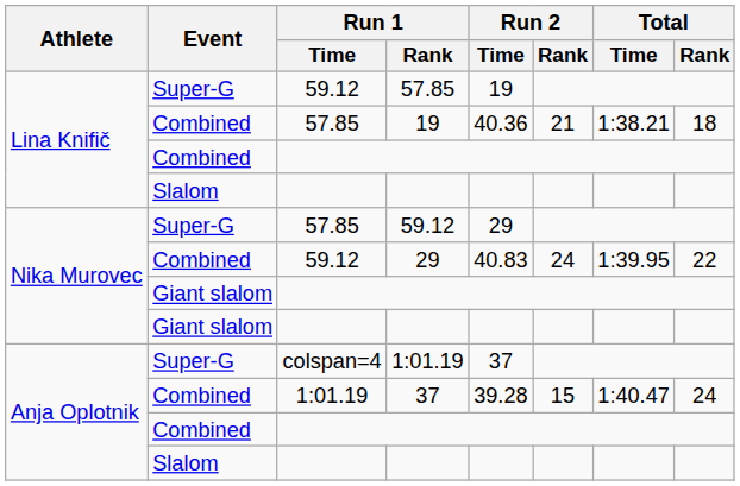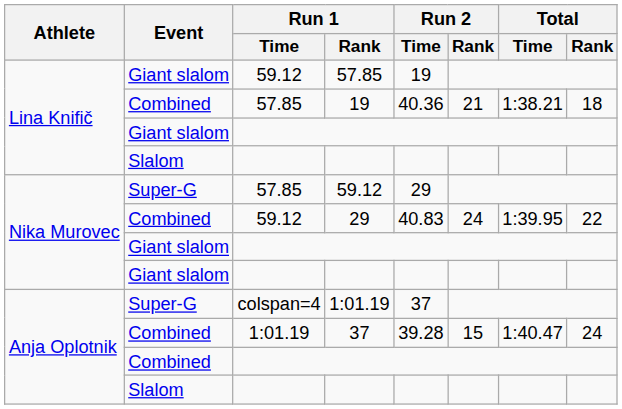 <table class="wikitable" style="font-size:90%">
 <tr>
 <th rowspan=2>Athlete</th>
 <th rowspan=2>Event</th>
 <th colspan=2>Run 1</th>
 <th colspan=2>Run 2</th>
 <th colspan=2>Total</th>
 </tr>
 <tr style="font-size:95%">
 <th>Time</th>
 <th>Rank</th>
 <th>Time</th>
 <th>Rank</th>
 <th>Time</th>
 <th>Rank</th>
 </tr>
 <tr align=center>
 <td align="left" rowspan="4"><a href='#'>Lina Knifič</a></td>
-<td align="left"><a href='#'>Super-G</a></td>
+<td align="left"><a href='#'>Giant slalom</a></td>
 <td>59.12</td>
 <td>57.85</td>
 <td>19</td>
 </tr>
 <tr align=center>
 <td align="left"><a href='#'>Combined</a></td>
 <td>57.85</td>
 <td>19</td>
 <td>40.36</td>
 <td>21</td>
 <td>1:38.21</td>
 <td>18</td>
 </tr>
 <tr align=center>
-<td align="left"><a href='#'>Combined</a></td>
+<td align="left"><a href='#'>Giant slalom</a></td>
 <td colspan=6></td>
 </tr>
 <tr align=center>
 <td align="left"><a href='#'>Slalom</a></td>
 <td></td>
 <td></td>
 <td></td>
 <td></td>
 <td></td>
 <td></td>
 </tr>
 <tr align=center>
 <td align="left" rowspan="4"><a href='#'>Nika Murovec</a></td>
 <td align="left"><a href='#'>Super-G</a></td>
 <td>57.85</td>
 <td>59.12</td>
 <td>29</td>
 </tr>
 <tr align=center>
 <td align="left"><a href='#'>Combined</a></td>
 <td>59.12</td>
 <td>29</td>
 <td>40.83</td>
 <td>24</td>
 <td>1:39.95</td>
 <td>22</td>
 </tr>
 <tr align=center>
 <td align="left"><a href='#'>Giant slalom</a></td>
 <td colspan=6></td>
 </tr>
 <tr align=center>
 <td align="left"><a href='#'>Giant slalom</a></td>
 <td></td>
 <td></td>
 <td></td>
 <td></td>
 <td></td>
 <td></td>
 </tr>
 <tr align=center>
 <td align="left" rowspan="4"><a href='#'>Anja Oplotnik</a></td>
 <td align="left"><a href='#'>Super-G</a></td>
 <td>colspan=4</td>
 <td>1:01.19</td>
 <td>37</td>
 </tr>
 <tr align=center>
 <td align="left"><a href='#'>Combined</a></td>
 <td>1:01.19</td>
 <td>37</td>
 <td>39.28</td>
 <td>15</td>
 <td>1:40.47</td>
 <td>24</td>
 </tr>
 <tr align=center>
 <td align="left"><a href='#'>Combined</a></td>
 <td colspan=6></td>
 </tr>
 <tr align=center>
 <td align="left"><a href='#'>Slalom</a></td>
 <td></td>
 <td></td>
 <td></td>
 <td></td>
 <td></td>
 <td></td>
 </tr>
 </table>
